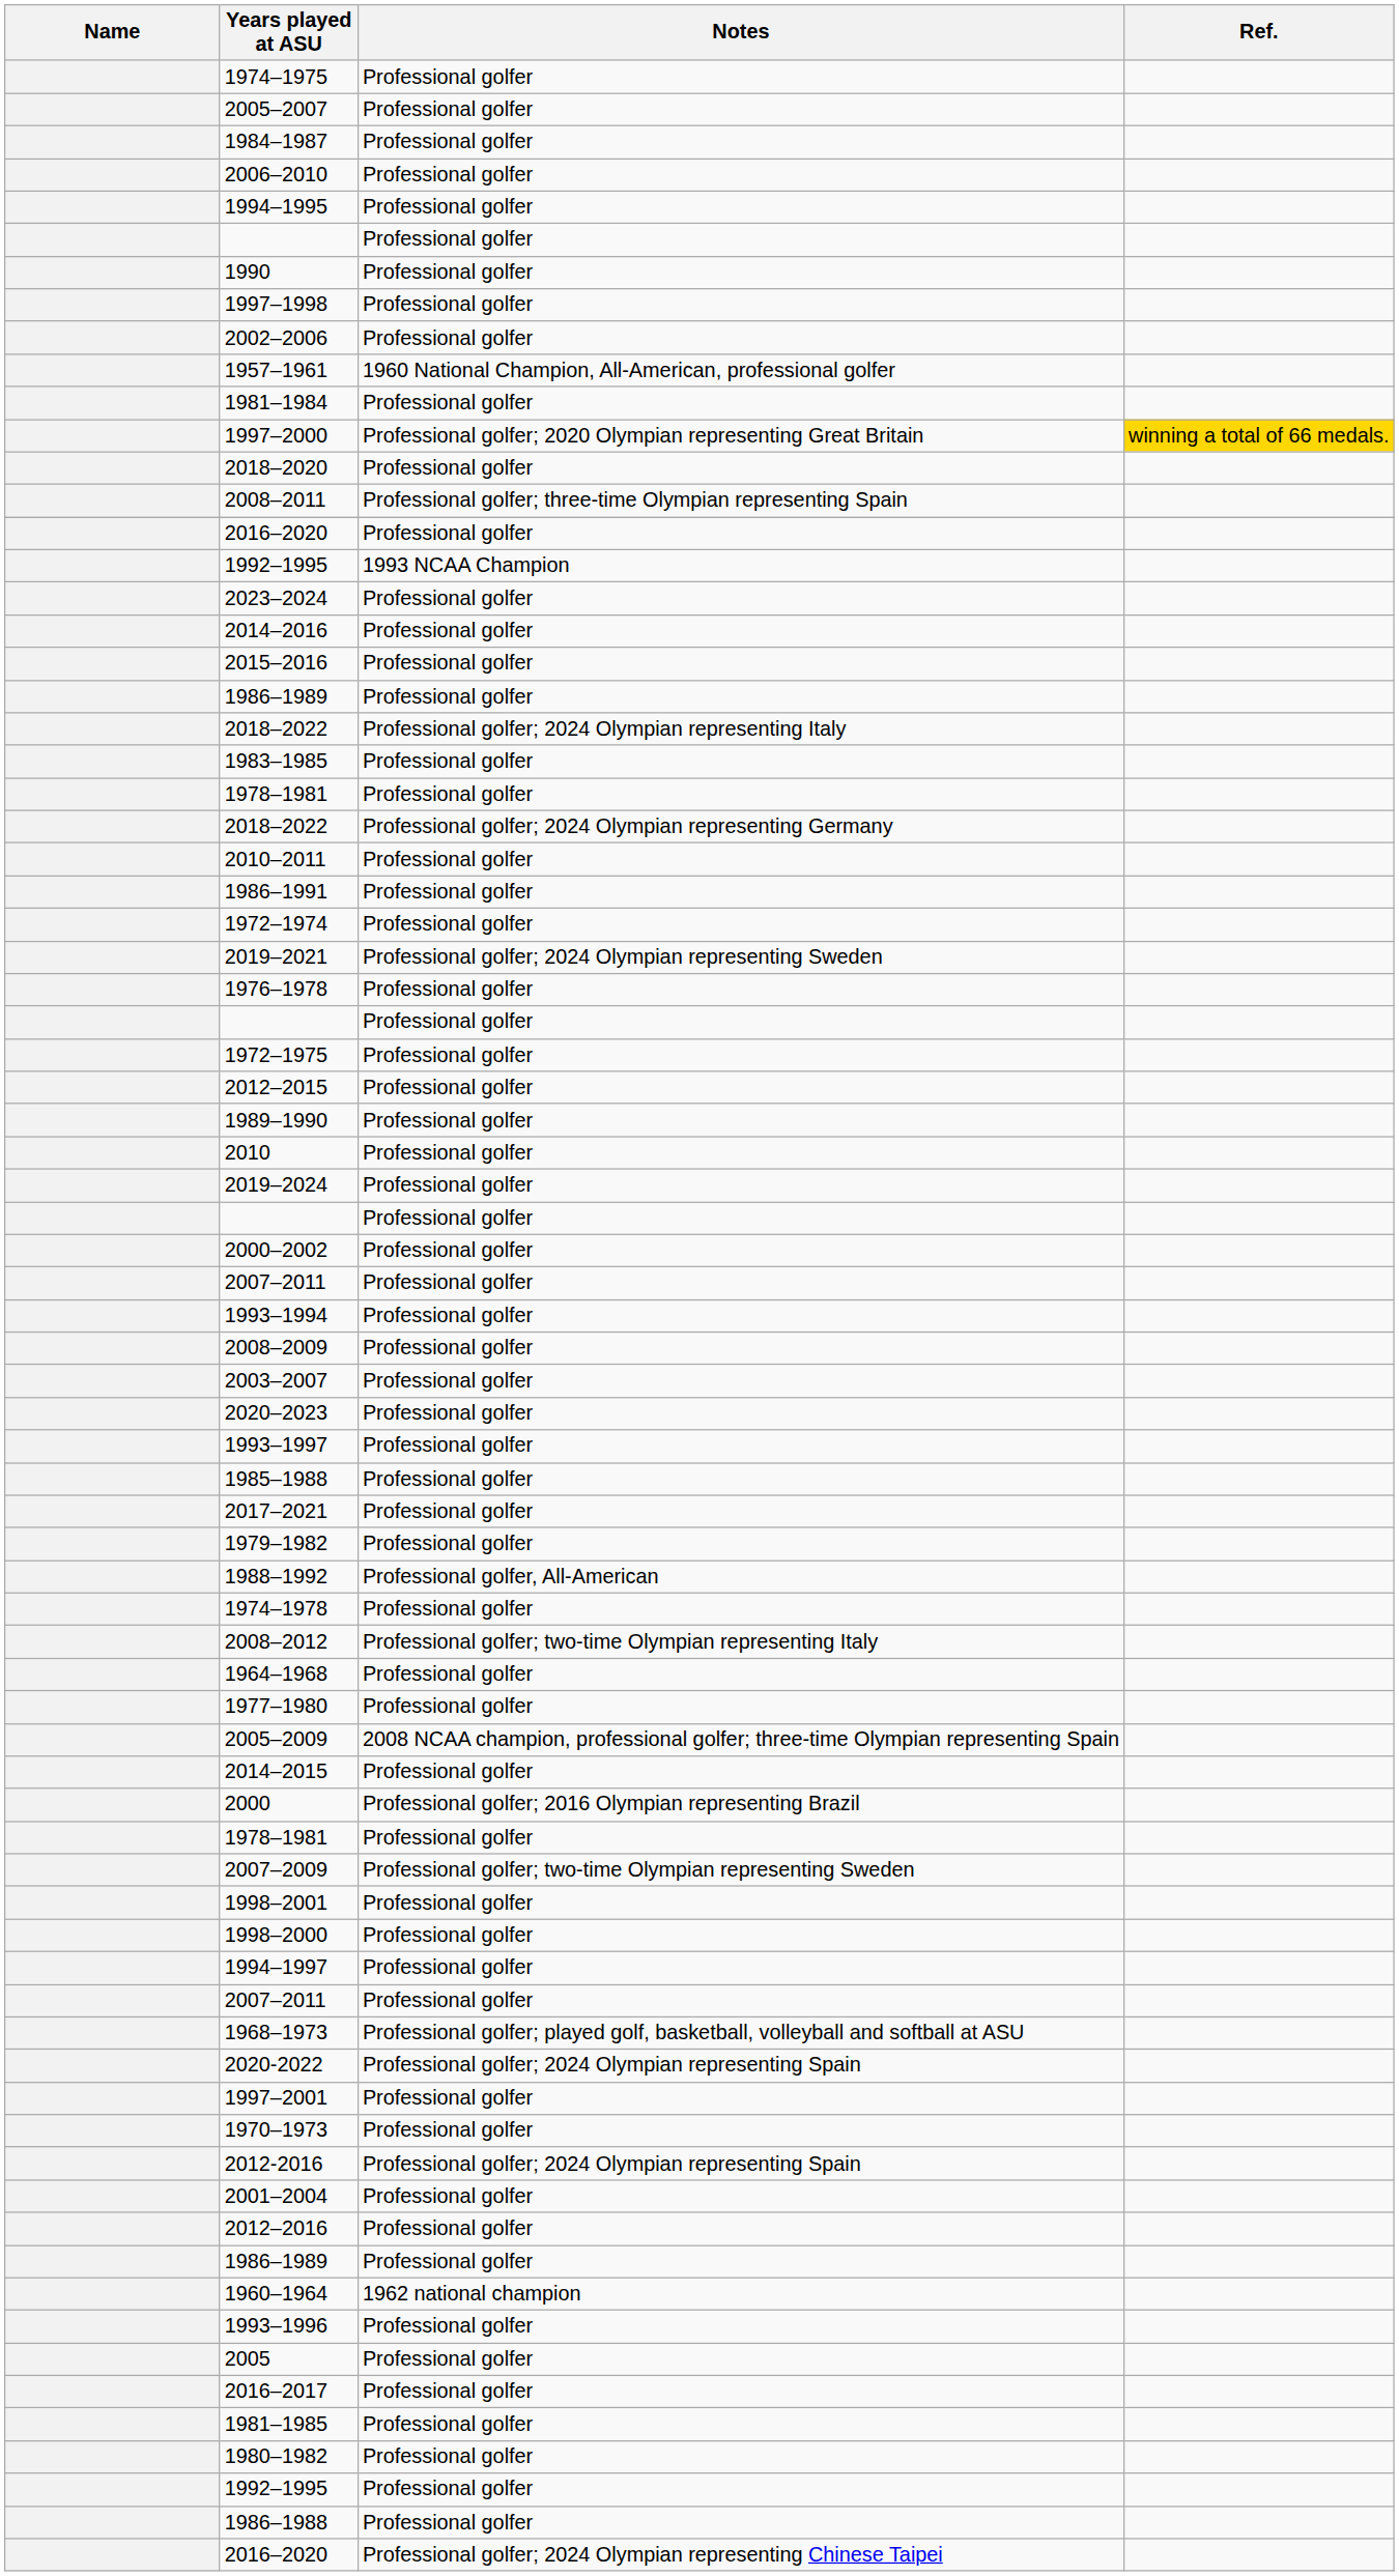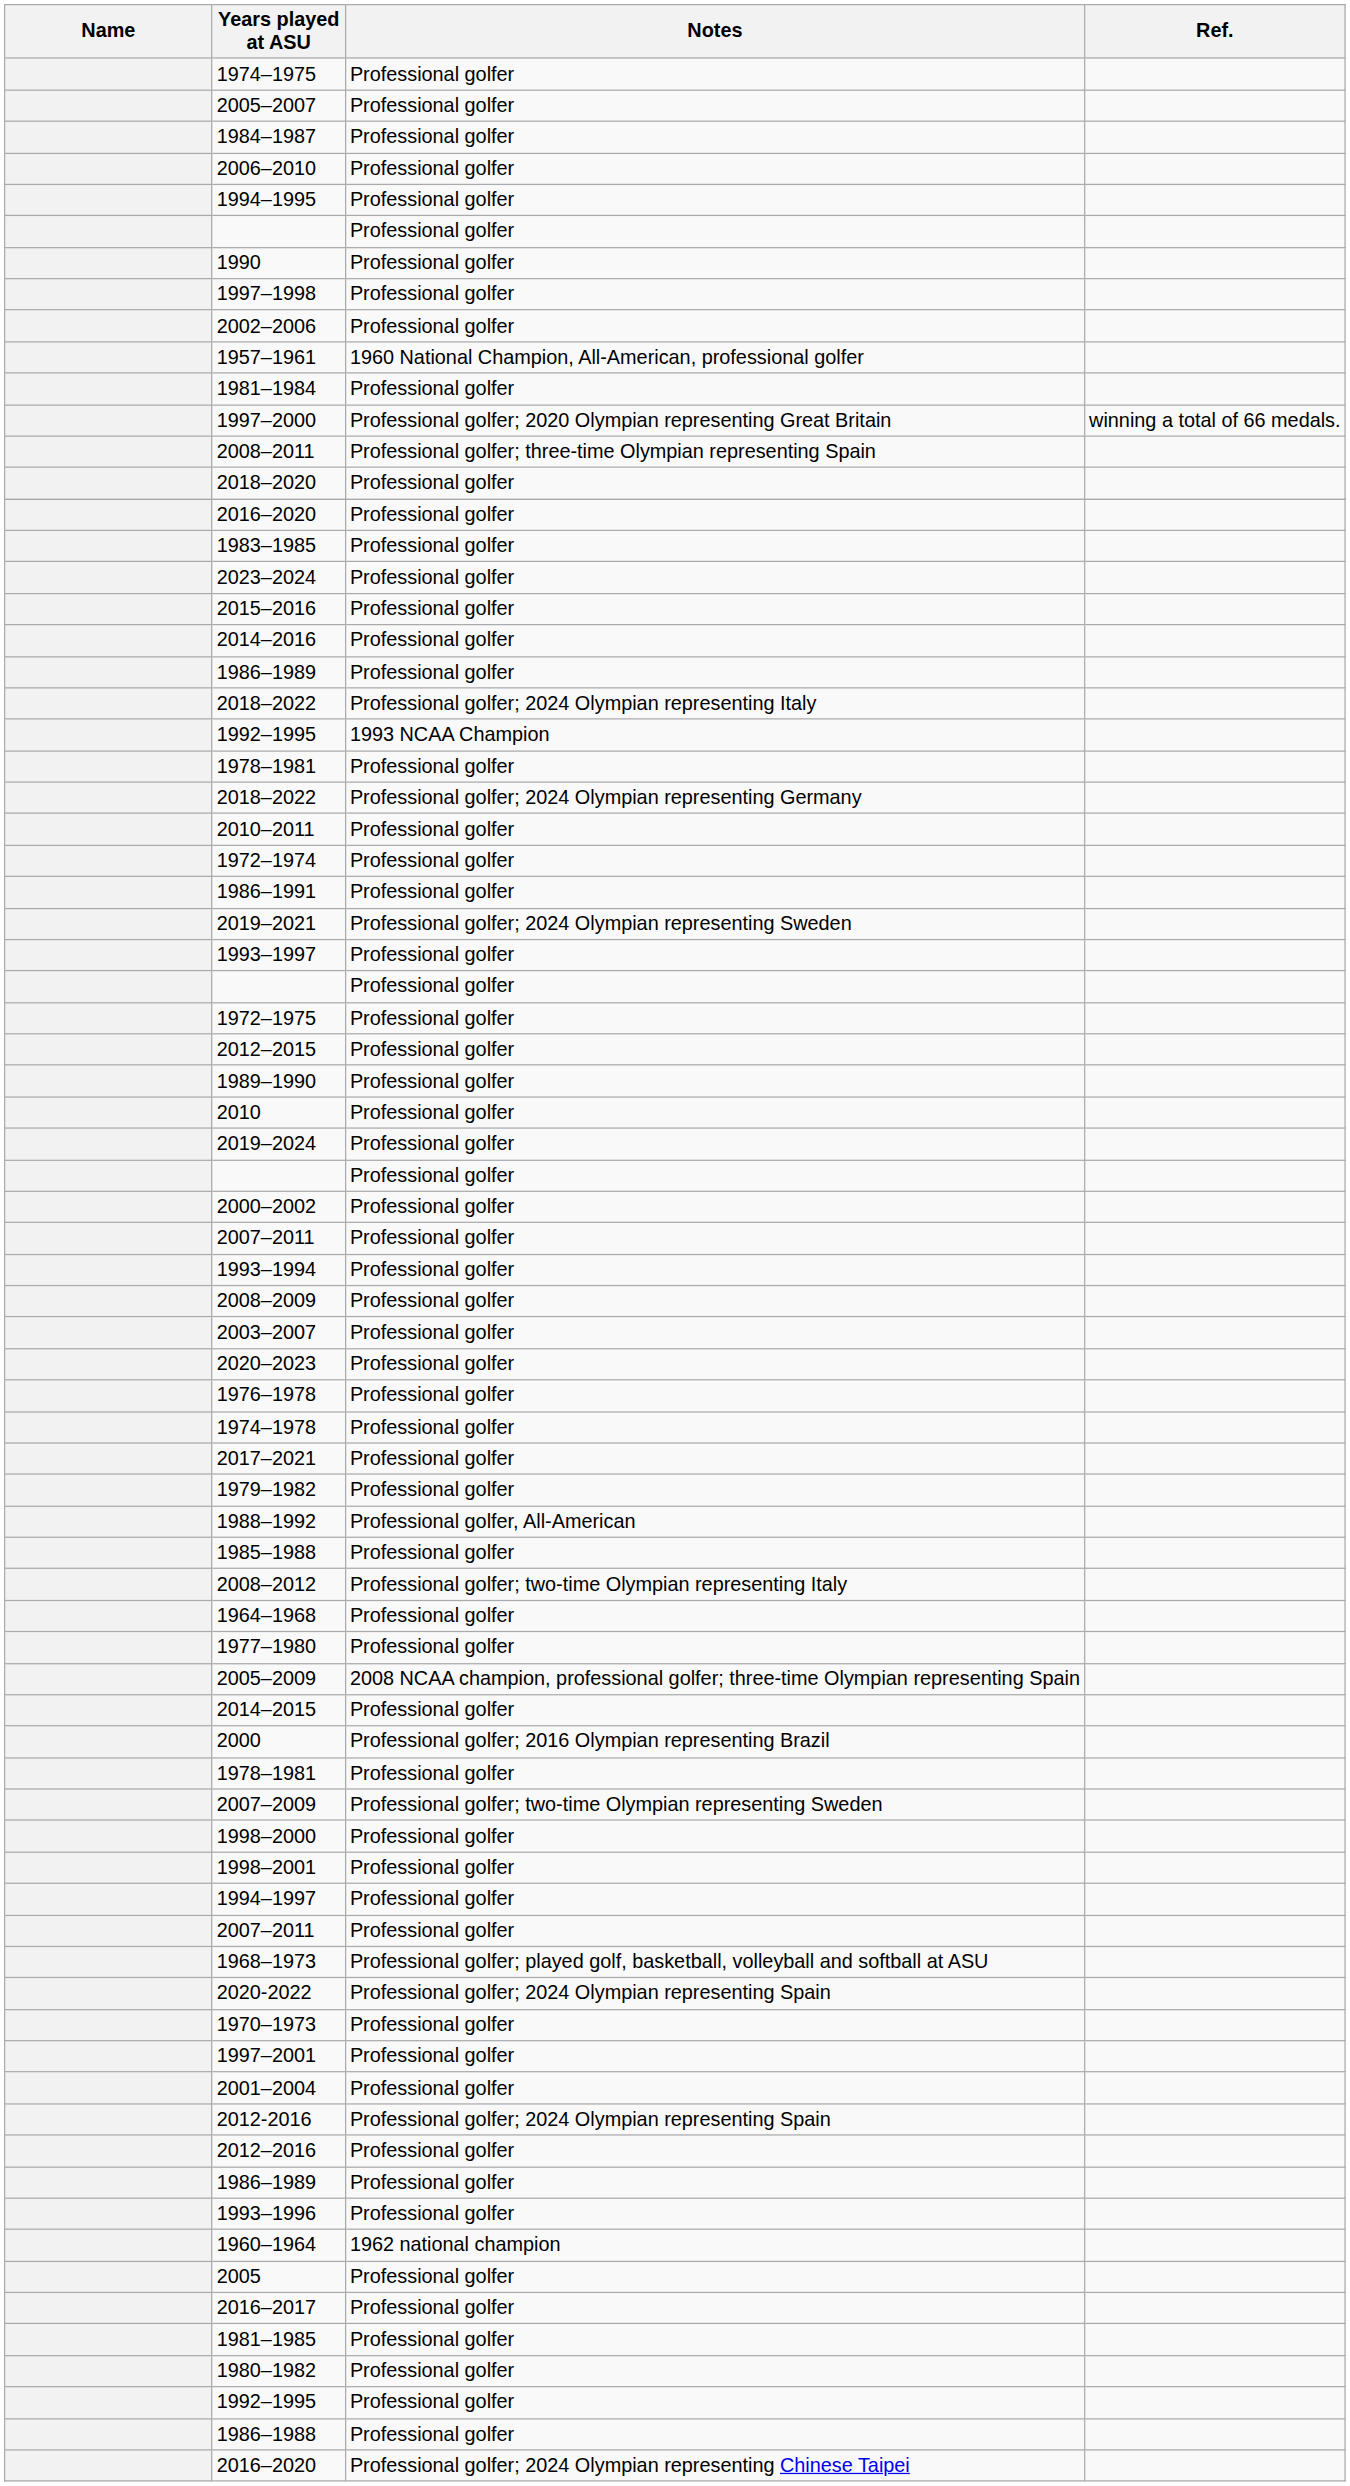 <table class="wikitable sortable">
 <tr>
 <th scope = "col" width="160">Name</th>
 <th scope = "col" width="100">Years played at ASU</th>
 <th scope = "col" width="*" class="unsortable">Notes</th>
 <th scope = "col" width="*" class="unsortable">Ref.</th>
 </tr>
 <tr>
 <th scope = "row"></th>
 <td>1974–1975</td>
 <td>Professional golfer</td>
 <td></td>
 </tr>
 <tr>
 <th scope = "row"></th>
 <td>2005–2007</td>
 <td>Professional golfer</td>
 <td></td>
 </tr>
 <tr>
 <th scope = "row"></th>
 <td>1984–1987</td>
 <td>Professional golfer</td>
 <td><br> </td>
 </tr>
 <tr>
 <th scope = "row"></th>
 <td>2006–2010</td>
 <td>Professional golfer</td>
 <td></td>
 </tr>
 <tr>
 <th scope = "row"></th>
 <td>1994–1995</td>
 <td>Professional golfer</td>
 <td></td>
 </tr>
 <tr>
 <th scope = "row"> </th>
 <td></td>
 <td>Professional golfer</td>
 <td></td>
 </tr>
 <tr>
 <th scope = "row"></th>
 <td>1990</td>
 <td>Professional golfer</td>
 <td></td>
 </tr>
 <tr>
 <th scope = "row"></th>
 <td>1997–1998</td>
 <td>Professional golfer</td>
 <td></td>
 </tr>
 <tr>
 <th scope = "row"></th>
 <td>2002–2006</td>
 <td>Professional golfer</td>
 <td></td>
 </tr>
 <tr>
 <th scope = "row"></th>
 <td>1957–1961</td>
 <td>1960 National Champion, All-American, professional golfer</td>
 <td></td>
 </tr>
 <tr>
 <th scope = "row"></th>
 <td>1981–1984</td>
 <td>Professional golfer</td>
 <td></td>
 </tr>
 <tr>
 <th scope = "row"></th>
 <td>1997–2000</td>
 <td>Professional golfer; 2020 Olympian representing Great Britain</td>
-<td style="background: gold;"> winning a total of 66 medals.</td>
+<td> winning a total of 66 medals.</td>
+</tr>
+<tr>
+<th scope = "row"></th>
+<td>2008–2011</td>
+<td>Professional golfer; three-time Olympian representing Spain</td>
+<td></td>
 </tr>
 <tr>
 <th scope = "row"></th>
 <td>2018–2020</td>
 <td>Professional golfer</td>
-<td></td>
-</tr>
-<tr>
-<th scope = "row"></th>
-<td>2008–2011</td>
-<td>Professional golfer; three-time Olympian representing Spain</td>
 <td></td>
 </tr>
 <tr>
 </tr>
 <tr>
 <th scope = "row"></th>
 <td>2016–2020</td>
 <td>Professional golfer</td>
 <td></td>
 </tr>
 <tr>
 <th scope = "row"></th>
-<td>1992–1995</td>
-<td>1993 NCAA Champion</td>
+<td>1983–1985</td>
+<td>Professional golfer</td>
 <td></td>
 </tr>
 <tr>
 <th scope = "row"></th>
 <td>2023–2024</td>
 <td>Professional golfer</td>
 <td></td>
 </tr>
 <tr>
 <th scope = "row"></th>
-<td>2014–2016</td>
+<td>2015–2016</td>
 <td>Professional golfer</td>
 <td></td>
 </tr>
 <tr>
 <th scope = "row"></th>
-<td>2015–2016</td>
+<td>2014–2016</td>
 <td>Professional golfer</td>
 <td></td>
 </tr>
 <tr>
 <th scope = "row"></th>
 <td>1986–1989</td>
 <td>Professional golfer</td>
 <td></td>
 </tr>
 <tr>
 <th scope = "row"></th>
 <td>2018–2022</td>
 <td>Professional golfer; 2024 Olympian representing Italy</td>
 <td></td>
 </tr>
 <tr>
 <th scope = "row"></th>
-<td>1983–1985</td>
-<td>Professional golfer</td>
+<td>1992–1995</td>
+<td>1993 NCAA Champion</td>
 <td></td>
 </tr>
 <tr>
 <th scope = "row"></th>
 <td>1978–1981</td>
 <td>Professional golfer</td>
 <td></td>
 </tr>
 <tr>
 <th scope = "row"></th>
 <td>2018–2022</td>
 <td>Professional golfer; 2024 Olympian representing Germany</td>
 <td></td>
 </tr>
 <tr>
 <th scope = "row"></th>
 <td>2010–2011</td>
 <td>Professional golfer</td>
 <td></td>
 </tr>
 <tr>
 <th scope = "row"></th>
-<td>1986–1991</td>
+<td>1972–1974</td>
 <td>Professional golfer</td>
 <td></td>
 </tr>
 <tr>
 <th scope = "row"></th>
-<td>1972–1974</td>
+<td>1986–1991</td>
 <td>Professional golfer</td>
 <td></td>
 </tr>
 <tr>
 <th scope = "row"></th>
 <td>2019–2021</td>
 <td>Professional golfer; 2024 Olympian representing Sweden</td>
 <td></td>
 </tr>
 <tr>
 <th scope = "row"></th>
-<td>1976–1978</td>
+<td>1993–1997</td>
 <td>Professional golfer</td>
 <td></td>
 </tr>
 <tr>
 <th scope = "row"></th>
 <td></td>
 <td>Professional golfer</td>
 <td></td>
 </tr>
 <tr>
 <th scope = "row"></th>
 <td>1972–1975</td>
 <td>Professional golfer</td>
 <td></td>
 </tr>
 <tr>
 <th scope = "row"></th>
 <td>2012–2015</td>
 <td>Professional golfer</td>
 <td></td>
 </tr>
 <tr>
 <th scope = "row"></th>
 <td>1989–1990</td>
 <td>Professional golfer</td>
 <td></td>
 </tr>
 <tr>
 <th scope = "row"></th>
 <td>2010</td>
 <td>Professional golfer</td>
 <td></td>
 </tr>
 <tr>
 <th scope = "row"></th>
 <td>2019–2024</td>
 <td>Professional golfer</td>
 <td></td>
 </tr>
 <tr>
 <th scope = "row"></th>
 <td></td>
 <td>Professional golfer</td>
 <td></td>
 </tr>
 <tr>
 <th scope = "row"></th>
 <td>2000–2002</td>
 <td>Professional golfer</td>
 <td></td>
 </tr>
 <tr>
 <th scope = "row"></th>
 <td>2007–2011</td>
 <td>Professional golfer</td>
 <td></td>
 </tr>
 <tr>
 <th scope = "row"></th>
 <td>1993–1994</td>
 <td>Professional golfer</td>
 <td></td>
 </tr>
 <tr>
 <th scope = "row"></th>
 <td>2008–2009</td>
 <td>Professional golfer</td>
 <td></td>
 </tr>
 <tr>
 <th scope = "row"></th>
 <td>2003–2007</td>
 <td>Professional golfer</td>
 <td></td>
 </tr>
 <tr>
 <th scope = "row"></th>
 <td>2020–2023</td>
 <td>Professional golfer</td>
 <td></td>
 </tr>
 <tr>
 <th scope = "row"></th>
-<td>1993–1997</td>
+<td>1976–1978</td>
 <td>Professional golfer</td>
 <td></td>
 </tr>
 <tr>
 <th scope = "row"></th>
-<td>1985–1988</td>
+<td>1974–1978</td>
 <td>Professional golfer</td>
 <td></td>
 </tr>
 <tr>
 <th scope = "row"></th>
 <td>2017–2021</td>
 <td>Professional golfer</td>
 <td></td>
 </tr>
 <tr>
 <th scope = "row"></th>
 <td>1979–1982</td>
 <td>Professional golfer</td>
 <td></td>
 </tr>
 <tr>
 <th scope = "row"></th>
 <td>1988–1992</td>
 <td>Professional golfer, All-American</td>
 <td></td>
 </tr>
 <tr>
 <th scope = "row"></th>
-<td>1974–1978</td>
+<td>1985–1988</td>
 <td>Professional golfer</td>
 <td></td>
 </tr>
 <tr>
 <th scope = "row"></th>
 <td>2008–2012</td>
 <td>Professional golfer; two-time Olympian representing Italy</td>
 <td></td>
 </tr>
 <tr>
 <th scope = "row"></th>
 <td>1964–1968</td>
 <td>Professional golfer</td>
 <td></td>
 </tr>
 <tr>
 <th scope = "row"></th>
 <td>1977–1980</td>
 <td>Professional golfer</td>
 <td></td>
 </tr>
 <tr>
 <th scope = "row"></th>
 <td>2005–2009</td>
 <td>2008 NCAA champion, professional golfer; three-time Olympian representing Spain</td>
 <td></td>
 </tr>
 <tr>
 <th scope = "row"></th>
 <td>2014–2015</td>
 <td>Professional golfer</td>
 <td></td>
 </tr>
 <tr>
 <th scope = "row"></th>
 <td>2000</td>
 <td>Professional golfer; 2016 Olympian representing Brazil</td>
 <td></td>
 </tr>
 <tr>
 <th scope = "row"></th>
 <td>1978–1981</td>
 <td>Professional golfer</td>
 <td></td>
 </tr>
 <tr>
 <th scope = "row"></th>
 <td>2007–2009</td>
 <td>Professional golfer; two-time Olympian representing Sweden</td>
 <td></td>
 </tr>
 <tr>
 <th scope = "row"></th>
-<td>1998–2001</td>
+<td>1998–2000</td>
 <td>Professional golfer</td>
 <td></td>
 </tr>
 <tr>
 <th scope = "row"></th>
-<td>1998–2000</td>
+<td>1998–2001</td>
 <td>Professional golfer</td>
 <td></td>
 </tr>
 <tr>
 <th scope = "row"></th>
 <td>1994–1997</td>
 <td>Professional golfer</td>
 <td></td>
 </tr>
 <tr>
 <th scope = "row"></th>
 <td>2007–2011</td>
 <td>Professional golfer</td>
 <td></td>
 </tr>
 <tr>
 <th scope = "row"></th>
 <td>1968–1973</td>
 <td>Professional golfer; played golf, basketball, volleyball and softball at ASU</td>
 <td></td>
 </tr>
 <tr>
 <th scope = "row"></th>
 <td>2020-2022</td>
 <td>Professional golfer; 2024 Olympian representing Spain</td>
 <td></td>
 </tr>
 <tr>
 <th scope = "row"></th>
+<td>1970–1973</td>
+<td>Professional golfer</td>
+<td></td>
+</tr>
+<tr>
+<th scope = "row"></th>
 <td>1997–2001</td>
 <td>Professional golfer</td>
 <td></td>
 </tr>
 <tr>
 <th scope = "row"></th>
-<td>1970–1973</td>
+<td>2001–2004</td>
 <td>Professional golfer</td>
 <td></td>
 </tr>
 <tr>
 <th scope = "row"></th>
 <td>2012-2016</td>
 <td>Professional golfer; 2024 Olympian representing Spain</td>
-<td></td>
-</tr>
-<tr>
-<th scope = "row"></th>
-<td>2001–2004</td>
-<td>Professional golfer</td>
 <td></td>
 </tr>
 <tr>
 <th scope = "row"></th>
 <td>2012–2016</td>
 <td>Professional golfer</td>
 <td></td>
 </tr>
 <tr>
 <th scope = "row"></th>
 <td>1986–1989</td>
 <td>Professional golfer</td>
 <td></td>
 </tr>
 <tr>
 <th scope = "row"></th>
-<td>1960–1964</td>
-<td>1962 national champion</td>
+<td>1993–1996</td>
+<td>Professional golfer</td>
 <td></td>
 </tr>
 <tr>
 <th scope = "row"></th>
-<td>1993–1996</td>
-<td>Professional golfer</td>
+<td>1960–1964</td>
+<td>1962 national champion</td>
 <td></td>
 </tr>
 <tr>
 <th scope = "row"></th>
 <td>2005</td>
 <td>Professional golfer</td>
 <td></td>
 </tr>
 <tr>
 <th scope = "row"></th>
 <td>2016–2017</td>
 <td>Professional golfer</td>
 <td></td>
 </tr>
 <tr>
 <th scope = "row"></th>
 <td>1981–1985</td>
 <td>Professional golfer</td>
 <td></td>
 </tr>
 <tr>
 <th scope = "row"></th>
 <td>1980–1982</td>
 <td>Professional golfer</td>
 <td></td>
 </tr>
 <tr>
 <th scope = "row"></th>
 <td>1992–1995</td>
 <td>Professional golfer</td>
 <td></td>
 </tr>
 <tr>
 <th scope = "row"></th>
 <td>1986–1988</td>
 <td>Professional golfer</td>
 <td></td>
 </tr>
 <tr>
 <th scope = "row"></th>
 <td>2016–2020</td>
 <td>Professional golfer; 2024 Olympian representing <a href='#'>Chinese Taipei</a></td>
 <td></td>
 </tr>
 </table>
